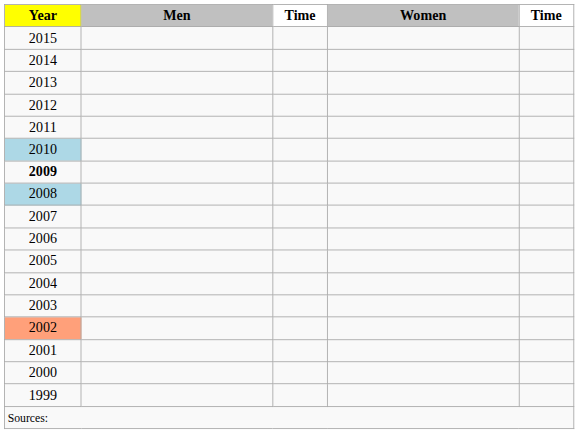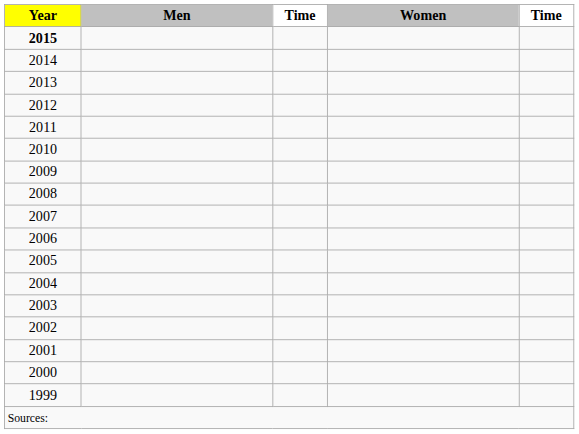 <table class="wikitable sortable">
 <tr align="center">
 <td width="80" bgcolor="yellow"><strong>Year</strong></td>
 <td width="210" bgcolor="silver"><strong>Men</strong></td>
 <td width="55" bgcolor="white"><strong>Time</strong></td>
 <td width="210" bgcolor="silver"><strong>Women</strong></td>
 <td width="55" bgcolor="white"><strong>Time</strong></td>
 </tr>
 <tr>
-<td align="center">2015</td>
+<td align="center"><strong>2015</strong></td>
 <td></td>
 <td></td>
 <td></td>
 <td></td>
 </tr>
 <tr>
 <td align="center">2014</td>
 <td></td>
 <td></td>
 <td></td>
 <td></td>
 </tr>
 <tr>
 <td align="center">2013</td>
 <td></td>
 <td></td>
 <td></td>
 <td></td>
 </tr>
 <tr>
 <td align="center">2012</td>
 <td></td>
 <td></td>
 <td></td>
 <td></td>
 </tr>
 <tr>
 <td align="center">2011</td>
 <td></td>
 <td></td>
 <td></td>
 <td></td>
 </tr>
 <tr>
-<td align="center" style="background: lightblue;">2010</td>
+<td align="center">2010</td>
 <td></td>
 <td></td>
 <td></td>
 <td></td>
 </tr>
 <tr>
-<td align="center"><strong>2009</strong></td>
+<td align="center">2009</td>
 <td></td>
 <td></td>
 <td></td>
 <td></td>
 </tr>
 <tr>
-<td align="center" style="background: lightblue;">2008</td>
+<td align="center">2008</td>
 <td></td>
 <td></td>
 <td></td>
 <td></td>
 </tr>
 <tr>
 <td align="center">2007</td>
 <td></td>
 <td></td>
 <td></td>
 <td></td>
 </tr>
 <tr>
 <td align="center">2006</td>
 <td></td>
 <td></td>
 <td></td>
 <td></td>
 </tr>
 <tr>
 <td align="center">2005</td>
 <td></td>
 <td></td>
 <td></td>
 <td></td>
 </tr>
 <tr>
 <td align="center">2004</td>
 <td></td>
 <td></td>
 <td></td>
 <td></td>
 </tr>
 <tr>
 <td align="center">2003</td>
 <td></td>
 <td></td>
 <td></td>
 <td></td>
 </tr>
 <tr>
-<td align="center" style="background: lightsalmon;">2002</td>
+<td align="center">2002</td>
 <td></td>
 <td></td>
 <td></td>
 <td></td>
 </tr>
 <tr>
 <td align="center">2001</td>
 <td></td>
 <td></td>
 <td></td>
 <td></td>
 </tr>
 <tr>
 <td align="center">2000</td>
 <td></td>
 <td></td>
 <td></td>
 <td></td>
 </tr>
 <tr>
 <td align="center">1999</td>
 <td></td>
 <td></td>
 <td></td>
 <td></td>
 </tr>
 <tr>
 <td colspan="5" align="left"><small>Sources:</small></td>
 </tr>
 </table>
